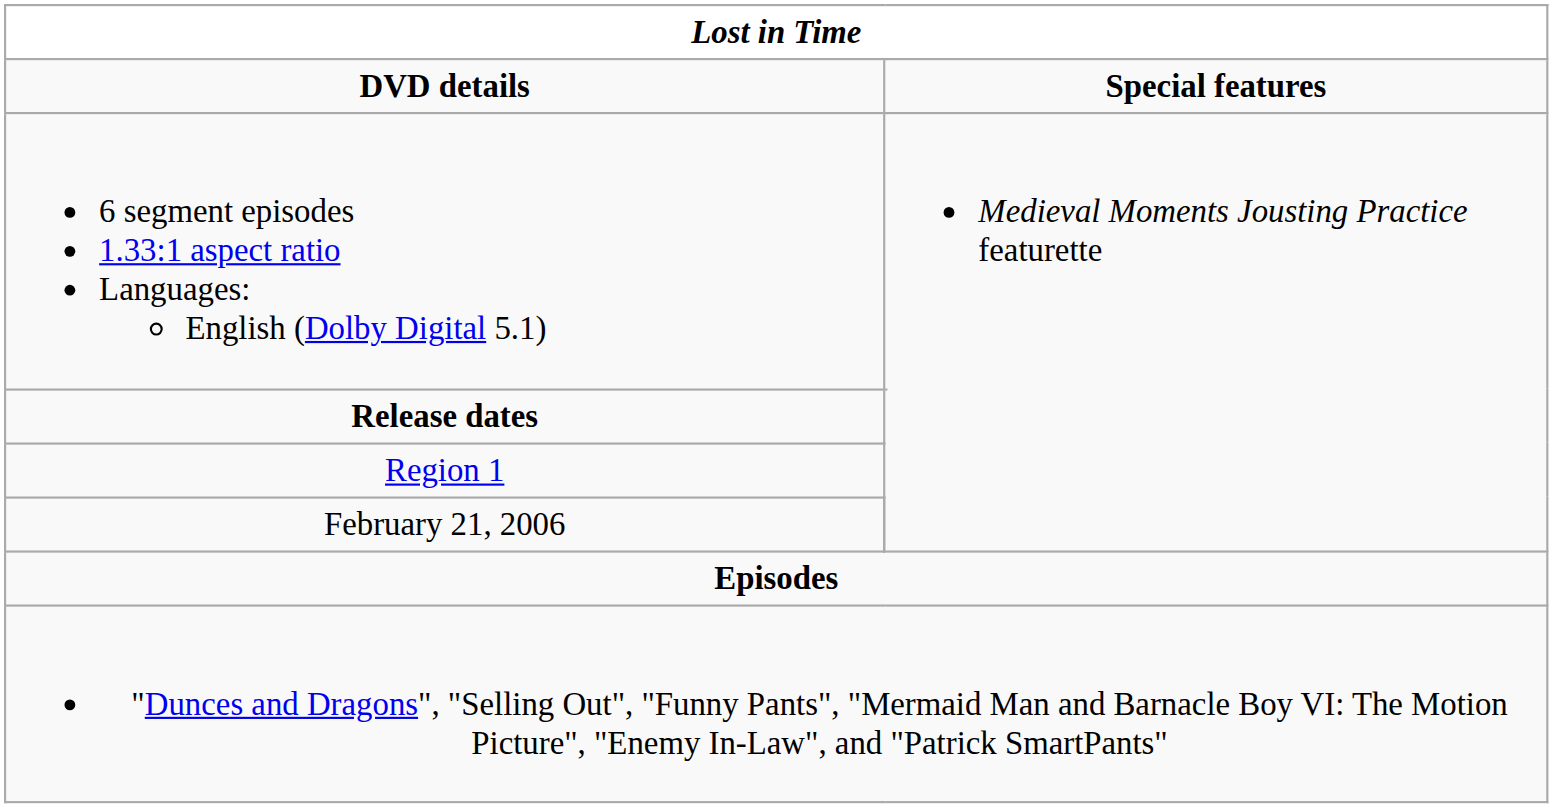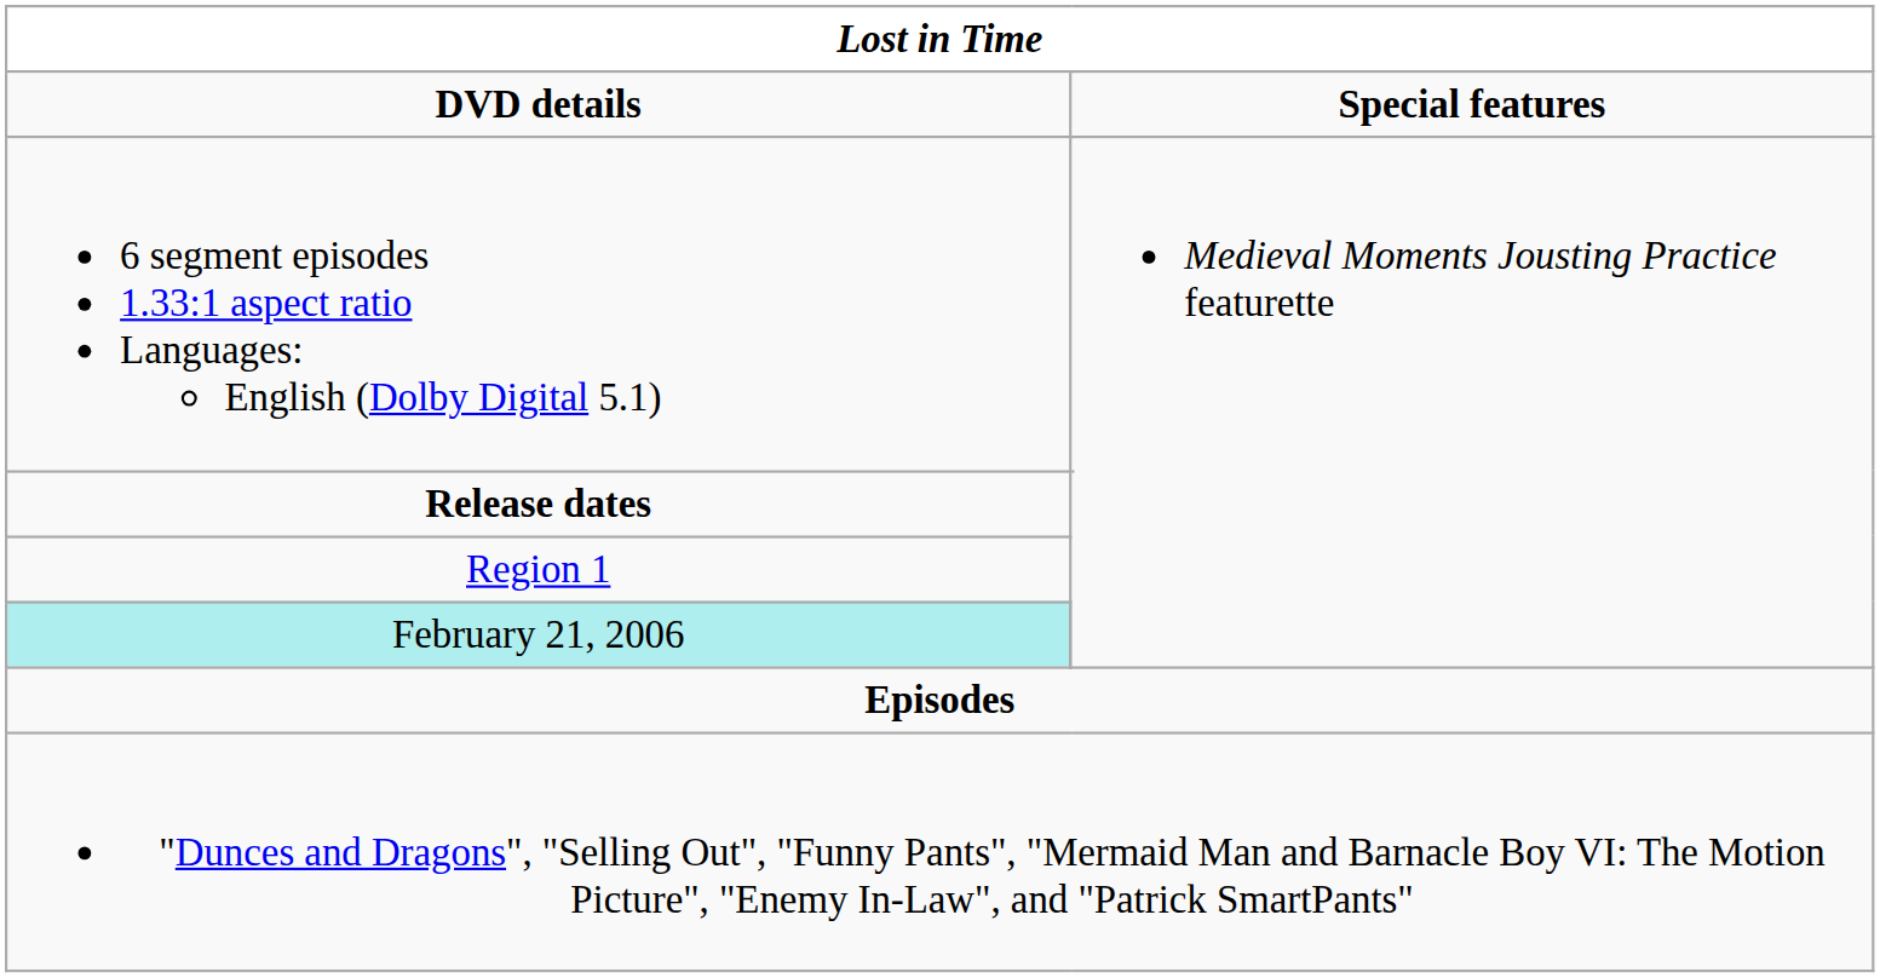 <table class="wikitable" style="font-size: 95%;">
 <tr style="background:#FFF; color:#000;">
 <td colspan="4" align="center"><strong><em>Lost in Time</em></strong></td>
 </tr>
 <tr valign="top">
 <td style="text-align:center; width:400px;" colspan="3"><strong>DVD details</strong></td>
 <td style="width:300px; text-align:center;"><strong>Special features</strong></td>
 </tr>
 <tr valign="top">
 <td colspan="3" style="text-align:left; width:400px;"><br><ul><li>6 segment episodes</li><li><a href='#'>1.33:1 aspect ratio</a></li><li>Languages:<ul><li>English (<a href='#'>Dolby Digital</a> 5.1)</li></ul></li></ul></td>
 <td rowspan="4" style="text-align:left; width:300px;"><br><ul><li><em>Medieval Moments Jousting Practice</em> featurette</li></ul></td>
 </tr>
 <tr>
 <td colspan="3" style="text-align:center;"><strong>Release dates</strong></td>
 </tr>
 <tr>
 <td colspan="3" style="text-align:center;"><a href='#'>Region 1</a></td>
 </tr>
 <tr style="text-align:center;">
-<td>February 21, 2006</td>
+<td style="background: paleturquoise;">February 21, 2006</td>
 </tr>
 <tr>
 <td style="text-align:center; width:400px;" colspan="4"><strong>Episodes</strong></td>
 </tr>
 <tr>
 <td style="text-align:center; width:400px;" colspan="4"><br><ul><li>"<a href='#'>Dunces and Dragons</a>", "Selling Out", "Funny Pants", "Mermaid Man and Barnacle Boy VI: The Motion Picture", "Enemy In-Law", and "Patrick SmartPants"</li></ul></td>
 </tr>
 </table>
